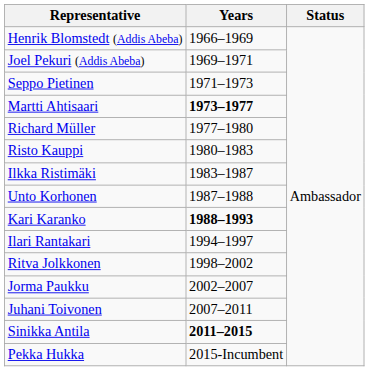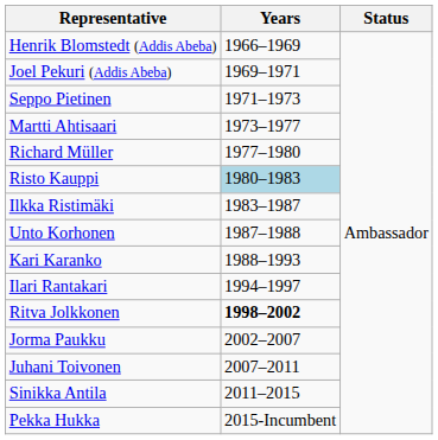 <table class="wikitable sortable">
 <tr>
 <th>Representative</th>
 <th>Years</th>
 <th>Status</th>
 </tr>
 <tr>
 <td><a href='#'>Henrik Blomstedt</a> <small>(<a href='#'>Addis Abeba</a>)</small></td>
 <td>1966–1969</td>
 <td rowspan="15">Ambassador</td>
 </tr>
 <tr>
 <td><a href='#'>Joel Pekuri</a> <small>(<a href='#'>Addis Abeba</a>)</small></td>
 <td>1969–1971</td>
 </tr>
 <tr>
 <td><a href='#'>Seppo Pietinen</a></td>
 <td>1971–1973</td>
 </tr>
 <tr>
 <td><a href='#'>Martti Ahtisaari</a></td>
-<td><strong>1973–1977</strong></td>
+<td>1973–1977</td>
 </tr>
 <tr>
 <td><a href='#'>Richard Müller</a></td>
 <td>1977–1980</td>
 </tr>
 <tr>
 <td><a href='#'>Risto Kauppi</a></td>
-<td>1980–1983</td>
+<td style="background: lightblue;">1980–1983</td>
 </tr>
 <tr>
 <td><a href='#'>Ilkka Ristimäki</a></td>
 <td>1983–1987</td>
 </tr>
 <tr>
 <td><a href='#'>Unto Korhonen</a></td>
 <td>1987–1988</td>
 </tr>
 <tr>
 <td><a href='#'>Kari Karanko</a></td>
-<td><strong>1988–1993</strong></td>
+<td>1988–1993</td>
 </tr>
 <tr>
 <td><a href='#'>Ilari Rantakari</a></td>
 <td>1994–1997</td>
 </tr>
 <tr>
 <td><a href='#'>Ritva Jolkkonen</a></td>
-<td>1998–2002</td>
+<td><strong>1998–2002</strong></td>
 </tr>
 <tr>
 <td><a href='#'>Jorma Paukku</a></td>
 <td>2002–2007</td>
 </tr>
 <tr>
 <td><a href='#'>Juhani Toivonen</a></td>
 <td>2007–2011</td>
 </tr>
 <tr>
 <td><a href='#'>Sinikka Antila</a></td>
-<td><strong>2011–2015</strong></td>
+<td>2011–2015</td>
 </tr>
 <tr>
 <td><a href='#'>Pekka Hukka</a></td>
 <td>2015-Incumbent</td>
 </tr>
 </table>
